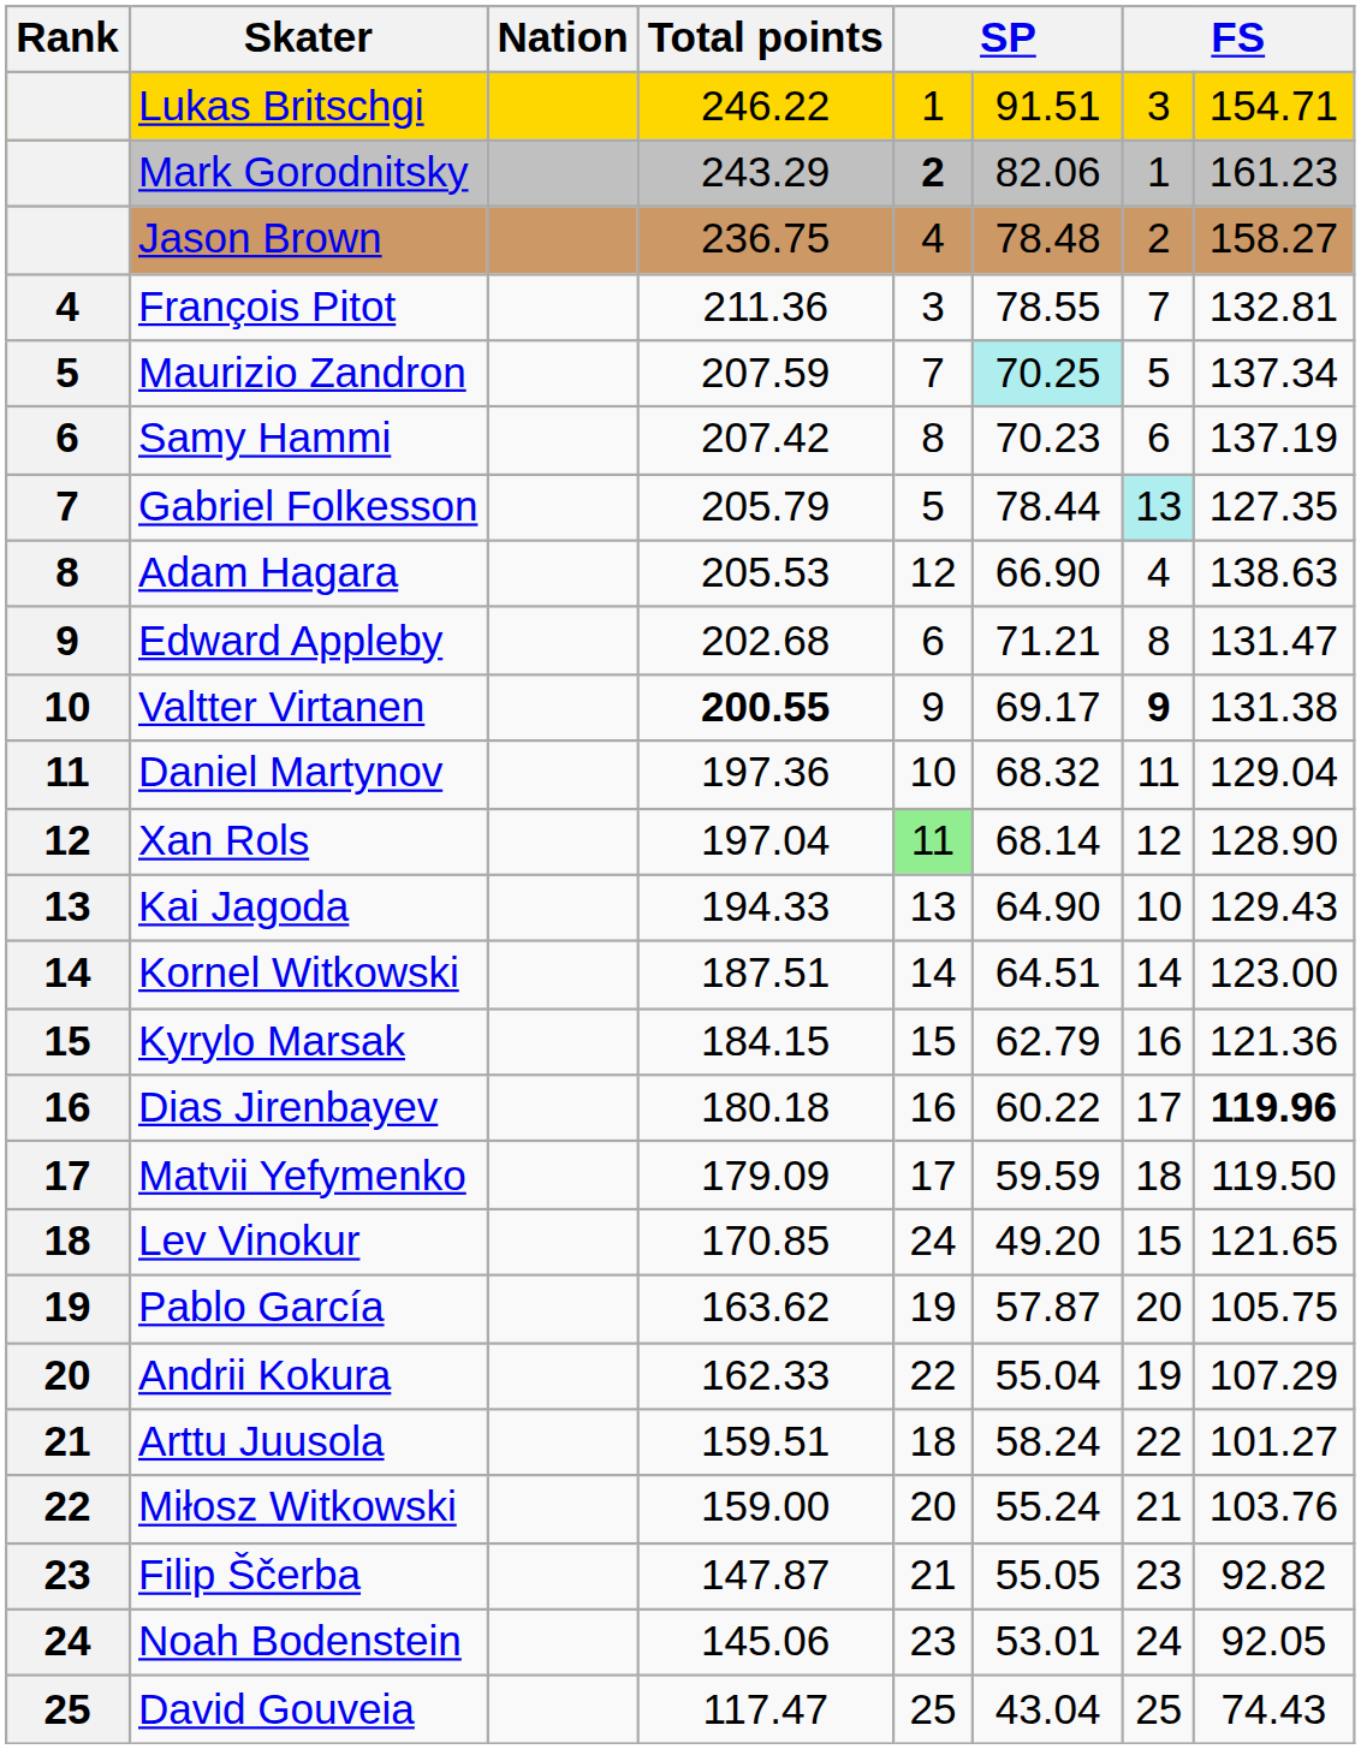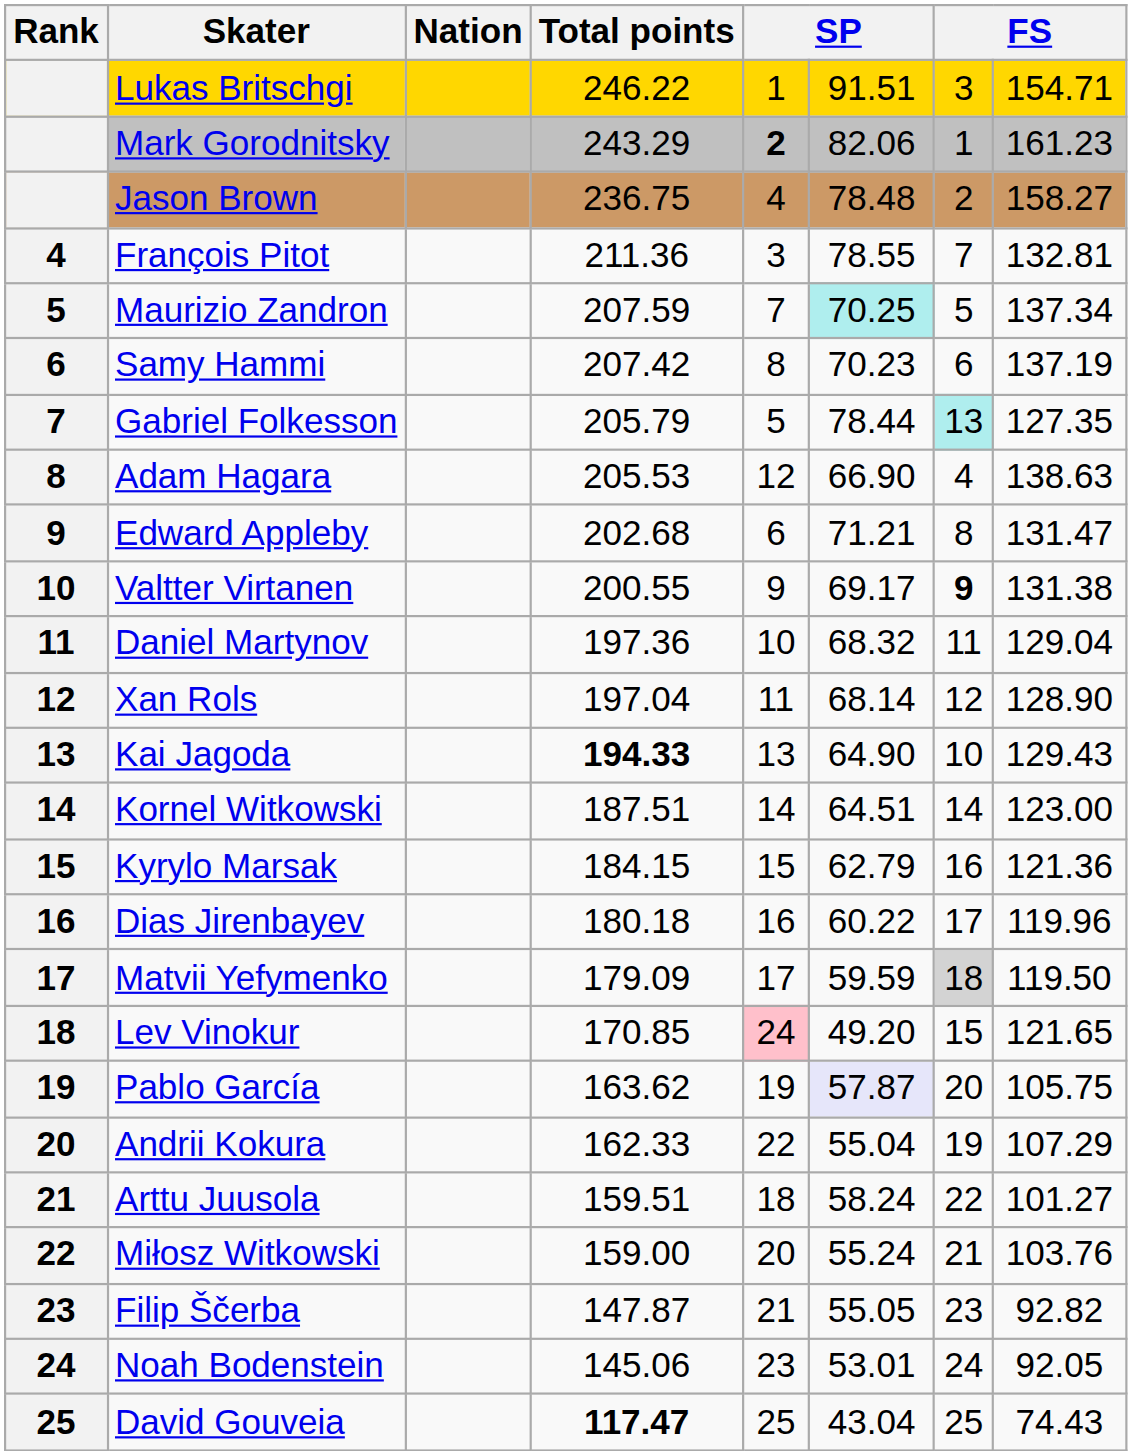 <table class="wikitable sortable" style="text-align:left">
 <tr>
 <th scope="col">Rank</th>
 <th scope="col">Skater</th>
 <th scope="col">Nation</th>
 <th scope="col">Total points</th>
 <th scope="col" colspan="2" width="80px"><a href='#'>SP</a></th>
 <th scope="col" colspan="2" width="80px"><a href='#'>FS</a></th>
 </tr>
 <tr bgcolor="gold">
 <th scope="row"></th>
 <td><a href='#'>Lukas Britschgi</a></td>
 <td></td>
 <td align="center">246.22</td>
 <td align="center">1</td>
 <td align="center">91.51</td>
 <td align="center">3</td>
 <td align="center">154.71</td>
 </tr>
 <tr bgcolor="silver">
 <th scope="row"></th>
 <td><a href='#'>Mark Gorodnitsky</a></td>
 <td></td>
 <td align="center">243.29</td>
 <td align="center"><strong>2</strong></td>
 <td align="center">82.06</td>
 <td align="center">1</td>
 <td align="center">161.23</td>
 </tr>
 <tr bgcolor="cc9966">
 <th scope="row"></th>
 <td><a href='#'>Jason Brown</a></td>
 <td></td>
 <td align="center">236.75</td>
 <td align="center">4</td>
 <td align="center">78.48</td>
 <td align="center">2</td>
 <td align="center">158.27</td>
 </tr>
 <tr>
 <th scope="row">4</th>
 <td><a href='#'>François Pitot</a></td>
 <td></td>
 <td align="center">211.36</td>
 <td align="center">3</td>
 <td align="center">78.55</td>
 <td align="center">7</td>
 <td align="center">132.81</td>
 </tr>
 <tr>
 <th scope="row">5</th>
 <td><a href='#'>Maurizio Zandron</a></td>
 <td></td>
 <td align="center">207.59</td>
 <td align="center">7</td>
 <td align="center" style="background: paleturquoise;">70.25</td>
 <td align="center">5</td>
 <td align="center">137.34</td>
 </tr>
 <tr>
 <th scope="row">6</th>
 <td><a href='#'>Samy Hammi</a></td>
 <td></td>
 <td align="center">207.42</td>
 <td align="center">8</td>
 <td align="center">70.23</td>
 <td align="center">6</td>
 <td align="center">137.19</td>
 </tr>
 <tr>
 <th scope="row">7</th>
 <td><a href='#'>Gabriel Folkesson</a></td>
 <td></td>
 <td align="center">205.79</td>
 <td align="center">5</td>
 <td align="center">78.44</td>
 <td align="center" style="background: paleturquoise;">13</td>
 <td align="center">127.35</td>
 </tr>
 <tr>
 <th scope="row">8</th>
 <td><a href='#'>Adam Hagara</a></td>
 <td></td>
 <td align="center">205.53</td>
 <td align="center">12</td>
 <td align="center">66.90</td>
 <td align="center">4</td>
 <td align="center">138.63</td>
 </tr>
 <tr>
 <th scope="row">9</th>
 <td><a href='#'>Edward Appleby</a></td>
 <td></td>
 <td align="center">202.68</td>
 <td align="center">6</td>
 <td align="center">71.21</td>
 <td align="center">8</td>
 <td align="center">131.47</td>
 </tr>
 <tr>
 <th scope="row">10</th>
 <td><a href='#'>Valtter Virtanen</a></td>
 <td></td>
-<td align="center"><strong>200.55</strong></td>
+<td align="center">200.55</td>
 <td align="center">9</td>
 <td align="center">69.17</td>
 <td align="center"><strong>9</strong></td>
 <td align="center">131.38</td>
 </tr>
 <tr>
 <th scope="row">11</th>
 <td><a href='#'>Daniel Martynov</a></td>
 <td></td>
 <td align="center">197.36</td>
 <td align="center">10</td>
 <td align="center">68.32</td>
 <td align="center">11</td>
 <td align="center">129.04</td>
 </tr>
 <tr>
 <th scope="row">12</th>
 <td><a href='#'>Xan Rols</a></td>
 <td></td>
 <td align="center">197.04</td>
-<td align="center" style="background: lightgreen;">11</td>
+<td align="center">11</td>
 <td align="center">68.14</td>
 <td align="center">12</td>
 <td align="center">128.90</td>
 </tr>
 <tr>
 <th scope="row">13</th>
 <td><a href='#'>Kai Jagoda</a></td>
 <td></td>
-<td align="center">194.33</td>
+<td align="center"><strong>194.33</strong></td>
 <td align="center">13</td>
 <td align="center">64.90</td>
 <td align="center">10</td>
 <td align="center">129.43</td>
 </tr>
 <tr>
 <th scope="row">14</th>
 <td><a href='#'>Kornel Witkowski</a></td>
 <td></td>
 <td align="center">187.51</td>
 <td align="center">14</td>
 <td align="center">64.51</td>
 <td align="center">14</td>
 <td align="center">123.00</td>
 </tr>
 <tr>
 <th scope="row">15</th>
 <td><a href='#'>Kyrylo Marsak</a></td>
 <td></td>
 <td align="center">184.15</td>
 <td align="center">15</td>
 <td align="center">62.79</td>
 <td align="center">16</td>
 <td align="center">121.36</td>
 </tr>
 <tr>
 <th scope="row">16</th>
 <td><a href='#'>Dias Jirenbayev</a></td>
 <td></td>
 <td align="center">180.18</td>
 <td align="center">16</td>
 <td align="center">60.22</td>
 <td align="center">17</td>
-<td align="center"><strong>119.96</strong></td>
+<td align="center">119.96</td>
 </tr>
 <tr>
 <th scope="row">17</th>
 <td><a href='#'>Matvii Yefymenko</a></td>
 <td></td>
 <td align="center">179.09</td>
 <td align="center">17</td>
 <td align="center">59.59</td>
-<td align="center">18</td>
+<td align="center" style="background: lightgrey;">18</td>
 <td align="center">119.50</td>
 </tr>
 <tr>
 <th scope="row">18</th>
 <td><a href='#'>Lev Vinokur</a></td>
 <td></td>
 <td align="center">170.85</td>
-<td align="center">24</td>
+<td align="center" style="background: pink;">24</td>
 <td align="center">49.20</td>
 <td align="center">15</td>
 <td align="center">121.65</td>
 </tr>
 <tr>
 <th scope="row">19</th>
 <td><a href='#'>Pablo García</a></td>
 <td></td>
 <td align="center">163.62</td>
 <td align="center">19</td>
-<td align="center">57.87</td>
+<td align="center" style="background: lavender;">57.87</td>
 <td align="center">20</td>
 <td align="center">105.75</td>
 </tr>
 <tr>
 <th scope="row">20</th>
 <td><a href='#'>Andrii Kokura</a></td>
 <td></td>
 <td align="center">162.33</td>
 <td align="center">22</td>
 <td align="center">55.04</td>
 <td align="center">19</td>
 <td align="center">107.29</td>
 </tr>
 <tr>
 <th scope="row">21</th>
 <td><a href='#'>Arttu Juusola</a></td>
 <td></td>
 <td align="center">159.51</td>
 <td align="center">18</td>
 <td align="center">58.24</td>
 <td align="center">22</td>
 <td align="center">101.27</td>
 </tr>
 <tr>
 <th scope="row">22</th>
 <td><a href='#'>Miłosz Witkowski</a></td>
 <td></td>
 <td align="center">159.00</td>
 <td align="center">20</td>
 <td align="center">55.24</td>
 <td align="center">21</td>
 <td align="center">103.76</td>
 </tr>
 <tr>
 <th scope="row">23</th>
 <td><a href='#'>Filip Ščerba</a></td>
 <td></td>
 <td align="center">147.87</td>
 <td align="center">21</td>
 <td align="center">55.05</td>
 <td align="center">23</td>
 <td align="center">92.82</td>
 </tr>
 <tr>
 <th scope="row">24</th>
 <td><a href='#'>Noah Bodenstein</a></td>
 <td></td>
 <td align="center">145.06</td>
 <td align="center">23</td>
 <td align="center">53.01</td>
 <td align="center">24</td>
 <td align="center">92.05</td>
 </tr>
 <tr>
 <th scope="row">25</th>
 <td><a href='#'>David Gouveia</a></td>
 <td></td>
-<td align="center">117.47</td>
+<td align="center"><strong>117.47</strong></td>
 <td align="center">25</td>
 <td align="center">43.04</td>
 <td align="center">25</td>
 <td align="center">74.43</td>
 </tr>
 </table>
